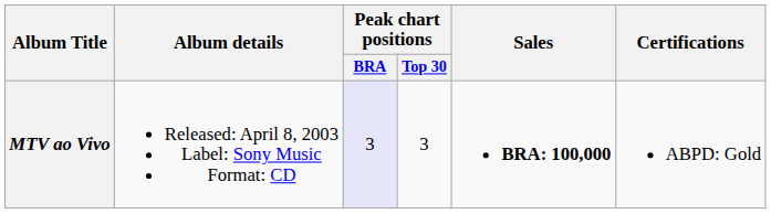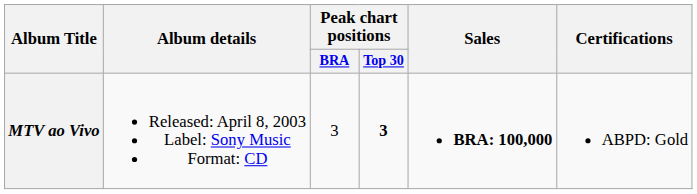 <table class="wikitable plainrowheaders" style="text-align:center;" border="1">
 <tr>
 <th scope="col" rowspan="2">Album Title</th>
 <th scope="col" rowspan="2">Album details</th>
 <th scope="col" colspan="2">Peak chart positions</th>
 <th scope="col" rowspan="2">Sales</th>
 <th scope="col" rowspan="2">Certifications</th>
 </tr>
 <tr>
 <th scope="col" style="width:3em;font-size:85%;"><a href='#'>BRA</a><br></th>
 <th scope="col" style="width:3em;font-size:85%;"><a href='#'>Top 30</a><br></th>
 </tr>
 <tr>
 <th scope="row"><em>MTV ao Vivo</em></th>
 <td><br><ul><li>Released: April 8, 2003</li><li>Label: <a href='#'>Sony Music</a></li><li>Format: <a href='#'>CD</a></li></ul></td>
-<td style="background: lavender;">3</td>
 <td>3</td>
+<td><strong>3</strong></td>
 <td align="left"><strong><br><ul><li>BRA: 100,000</li></ul></strong></td>
 <td><br><ul><li>ABPD: Gold</li></ul></td>
 </tr>
 </table>
